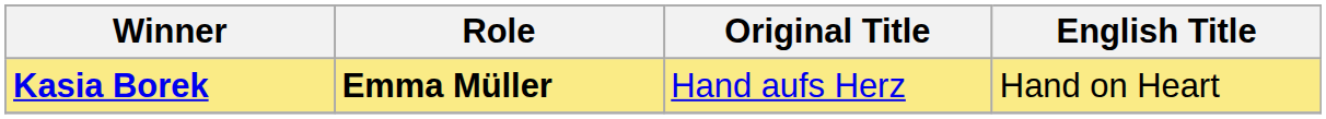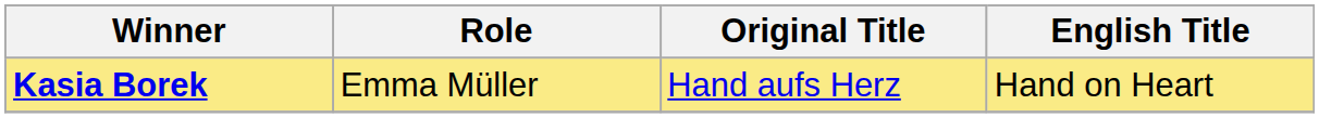 <table class="wikitable" width="100%">
 <tr bgcolor="#bebebe">
 <th width="25%">Winner</th>
 <th width="25%">Role</th>
 <th width="25%">Original Title</th>
 <th width="25%">English Title</th>
 </tr>
 <tr style="background:#FAEB86">
 <td><strong><a href='#'>Kasia Borek</a></strong></td>
-<td><strong>Emma Müller</strong></td>
+<td>Emma Müller</td>
 <td><a href='#'>Hand aufs Herz</a></td>
 <td>Hand on Heart</td>
 </tr>
 <tr>
 </tr>
 </table>
